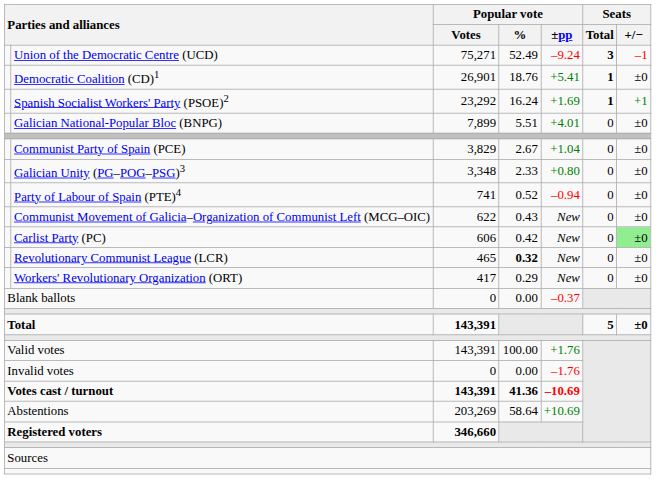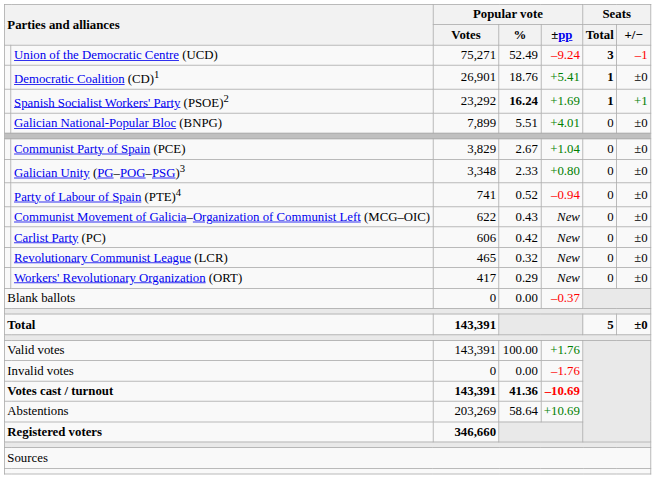 <table class="wikitable" style="text-align:right;">
 <tr>
 <th style="text-align:left;" rowspan="2" colspan="2" width="525">Parties and alliances</th>
 <th colspan="3">Popular vote</th>
 <th colspan="2">Seats</th>
 </tr>
 <tr>
 <th width="75">Votes</th>
 <th width="45">%</th>
 <th width="45">±<a href='#'>pp</a></th>
 <th width="35">Total</th>
 <th width="35">+/−</th>
 </tr>
 <tr>
 <td width="1" style="color:inherit;background:"></td>
 <td align="left"><a href='#'>Union of the Democratic Centre</a> (UCD)</td>
 <td>75,271</td>
 <td>52.49</td>
 <td style="color:red;">–9.24</td>
 <td><strong>3</strong></td>
 <td style="color:red;">–1</td>
 </tr>
 <tr>
 <td style="color:inherit;background:"></td>
 <td align="left"><a href='#'>Democratic Coalition</a> (CD)<sup>1</sup></td>
 <td>26,901</td>
 <td>18.76</td>
 <td style="color:green;">+5.41</td>
 <td><strong>1</strong></td>
 <td>±0</td>
 </tr>
 <tr>
 <td style="color:inherit;background:"></td>
 <td align="left"><a href='#'>Spanish Socialist Workers' Party</a> (PSOE)<sup>2</sup></td>
 <td>23,292</td>
-<td>16.24</td>
+<td><strong>16.24</strong></td>
 <td style="color:green;">+1.69</td>
 <td><strong>1</strong></td>
 <td style="color:green;">+1</td>
 </tr>
 <tr>
 <td style="color:inherit;background:"></td>
 <td align="left"><a href='#'>Galician National-Popular Bloc</a> (BNPG)</td>
 <td>7,899</td>
 <td>5.51</td>
 <td style="color:green;">+4.01</td>
 <td>0</td>
 <td>±0</td>
 </tr>
 <tr>
 <td colspan="7" bgcolor="#C0C0C0"></td>
 </tr>
 <tr>
 <td style="color:inherit;background:"></td>
 <td align="left"><a href='#'>Communist Party of Spain</a> (PCE)</td>
 <td>3,829</td>
 <td>2.67</td>
 <td style="color:green;">+1.04</td>
 <td>0</td>
 <td>±0</td>
 </tr>
 <tr>
 <td style="color:inherit;background:"></td>
 <td align="left"><a href='#'>Galician Unity</a> (<a href='#'>PG</a>–<a href='#'>POG</a>–<a href='#'>PSG</a>)<sup>3</sup></td>
 <td>3,348</td>
 <td>2.33</td>
 <td style="color:green;">+0.80</td>
 <td>0</td>
 <td>±0</td>
 </tr>
 <tr>
 <td style="color:inherit;background:"></td>
 <td align="left"><a href='#'>Party of Labour of Spain</a> (PTE)<sup>4</sup></td>
 <td>741</td>
 <td>0.52</td>
 <td style="color:red;">–0.94</td>
 <td>0</td>
 <td>±0</td>
 </tr>
 <tr>
 <td style="color:inherit;background:"></td>
 <td align="left"><a href='#'>Communist Movement of Galicia</a>–<a href='#'>Organization of Communist Left</a> (MCG–OIC)</td>
 <td>622</td>
 <td>0.43</td>
 <td><em>New</em></td>
 <td>0</td>
 <td>±0</td>
 </tr>
 <tr>
 <td style="color:inherit;background:"></td>
 <td align="left"><a href='#'>Carlist Party</a> (PC)</td>
 <td>606</td>
 <td>0.42</td>
 <td><em>New</em></td>
 <td>0</td>
-<td style="background: lightgreen;">±0</td>
+<td>±0</td>
 </tr>
 <tr>
 <td style="color:inherit;background:"></td>
 <td align="left"><a href='#'>Revolutionary Communist League</a> (LCR)</td>
 <td>465</td>
-<td><strong>0.32</strong></td>
+<td>0.32</td>
 <td><em>New</em></td>
 <td>0</td>
 <td>±0</td>
 </tr>
 <tr>
 <td style="color:inherit;background:"></td>
 <td align="left"><a href='#'>Workers' Revolutionary Organization</a> (ORT)</td>
 <td>417</td>
 <td>0.29</td>
 <td><em>New</em></td>
 <td>0</td>
 <td>±0</td>
 </tr>
 <tr>
 <td align="left" colspan="2">Blank ballots</td>
 <td>0</td>
 <td>0.00</td>
 <td style="color:red;">–0.37</td>
 <td bgcolor="#E9E9E9" colspan="2"></td>
 </tr>
 <tr>
 <td colspan="7" bgcolor="#E9E9E9"></td>
 </tr>
 <tr style="font-weight:bold;">
 <td align="left" colspan="2">Total</td>
 <td>143,391</td>
 <td bgcolor="#E9E9E9" colspan="2"></td>
 <td>5</td>
 <td>±0</td>
 </tr>
 <tr>
 <td colspan="7" bgcolor="#E9E9E9"></td>
 </tr>
 <tr>
 <td align="left" colspan="2">Valid votes</td>
 <td>143,391</td>
 <td>100.00</td>
 <td style="color:green;">+1.76</td>
 <td bgcolor="#E9E9E9" colspan="2" rowspan="5"></td>
 </tr>
 <tr>
 <td align="left" colspan="2">Invalid votes</td>
 <td>0</td>
 <td>0.00</td>
 <td style="color:red;">–1.76</td>
 </tr>
 <tr style="font-weight:bold;">
 <td align="left" colspan="2">Votes cast / turnout</td>
 <td>143,391</td>
 <td>41.36</td>
 <td style="color:red;">–10.69</td>
 </tr>
 <tr>
 <td align="left" colspan="2">Abstentions</td>
 <td>203,269</td>
 <td>58.64</td>
 <td style="color:green;">+10.69</td>
 </tr>
 <tr style="font-weight:bold;">
 <td align="left" colspan="2">Registered voters</td>
 <td>346,660</td>
 <td bgcolor="#E9E9E9" colspan="2"></td>
 </tr>
 <tr>
 <td colspan="7" bgcolor="#E9E9E9"></td>
 </tr>
 <tr>
 <td align="left" colspan="7">Sources</td>
 </tr>
 <tr>
 <td colspan="7" style="text-align:left; max-width:790px;"></td>
 </tr>
 </table>
